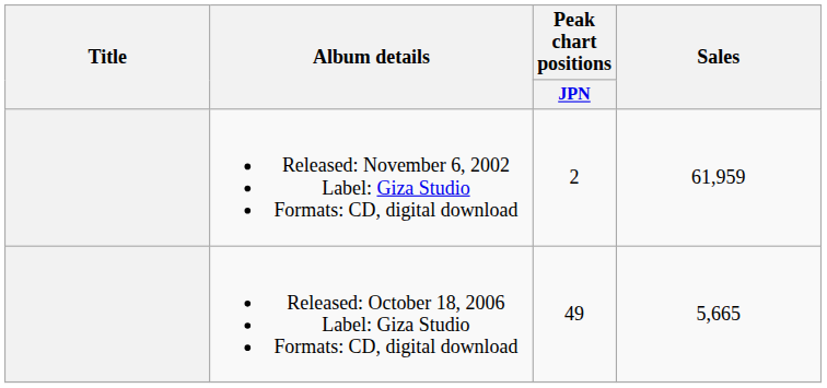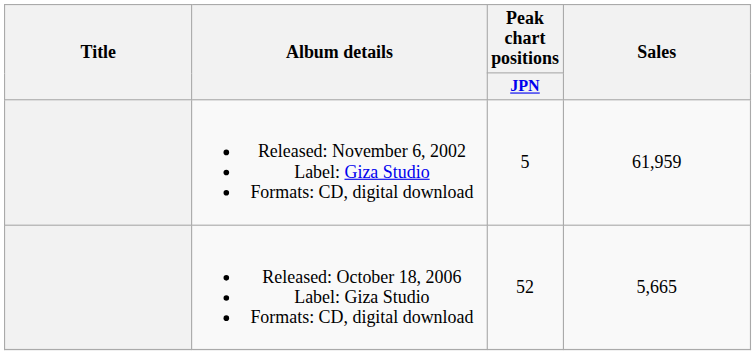 <table class="wikitable plainrowheaders" style="text-align:center;" border="1"|>
 <tr>
 <th scope="col" rowspan="2" style="width:10em;">Title</th>
 <th scope="col" rowspan="2" style="width:16em;">Album details</th>
 <th colspan="1">Peak chart positions</th>
 <th scope="col" rowspan="2" style="width:10em;">Sales<br></th>
 </tr>
 <tr>
 <th scope="col" style="width:3em;font-size:90%;"><a href='#'>JPN</a><br></th>
 </tr>
 <tr>
 <th scope="row"></th>
 <td><br><ul><li>Released: November 6, 2002</li><li>Label: <a href='#'>Giza Studio</a></li><li>Formats: CD, digital download</li></ul></td>
-<td>2</td>
+<td>5</td>
 <td>61,959</td>
 </tr>
 <tr>
 <th scope="row"></th>
 <td><br><ul><li>Released: October 18, 2006</li><li>Label: Giza Studio</li><li>Formats: CD, digital download</li></ul></td>
-<td>49</td>
+<td>52</td>
 <td>5,665</td>
 </tr>
 <tr>
 </tr>
 </table>
